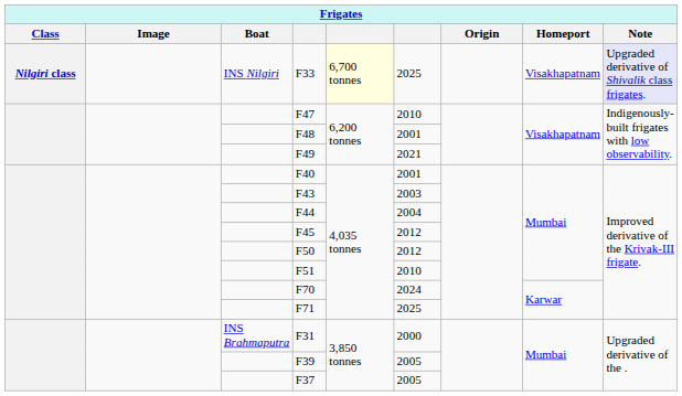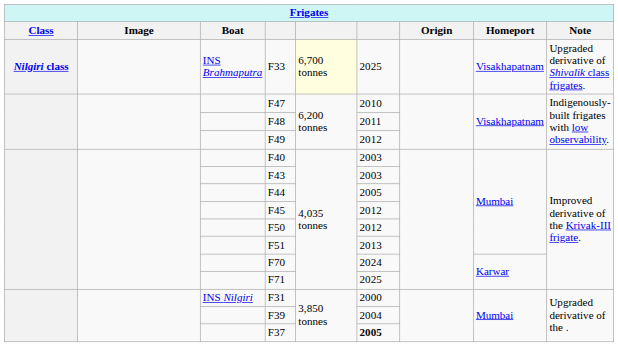 <table class="wikitable" style="margin:auto; width:100%;">
 <tr>
 <th colspan="9" style="align: center; background: #CEF6F5;"><a href='#'>Frigates</a></th>
 </tr>
 <tr>
 <th style="text-align:center; width:12%;"><a href='#'>Class</a></th>
 <th style="text-align:center; width:20%;">Image</th>
 <th style="text-align:center; width:10%;">Boat</th>
 <th style="text-align:center; width:5%;"></th>
 <th style="text-align:center; width:10%;"></th>
 <th style="text-align:center; width:7%;"></th>
 <th style="text-align:center; width:12%;">Origin</th>
 <th style="text-align:center; width:12%;">Homeport</th>
 <th style="text-align:center; width:10%;">Note</th>
 </tr>
 <tr>
 <th><a href='#'><em>Nilgiri</em> class</a></th>
 <td></td>
-<td><a href='#'>INS <em>Nilgiri</em></a></td>
+<td><a href='#'>INS <em>Brahmaputra</em></a></td>
 <td>F33</td>
 <td style="background: lightyellow;">6,700 tonnes</td>
 <td>2025</td>
 <td></td>
 <td><a href='#'>Visakhapatnam</a></td>
-<td style="background: lavender;">Upgraded derivative of <a href='#'><em>Shivalik</em> class frigates</a>.</td>
+<td>Upgraded derivative of <a href='#'><em>Shivalik</em> class frigates</a>.</td>
 </tr>
 <tr>
 <th rowspan="3"></th>
 <td rowspan="3"></td>
 <td></td>
 <td>F47</td>
 <td rowspan="3">6,200 tonnes</td>
 <td>2010</td>
 <td rowspan="3"></td>
 <td rowspan="3"><a href='#'>Visakhapatnam</a></td>
 <td rowspan="3">Indigenously-built frigates with <a href='#'>low observability</a>.</td>
 </tr>
 <tr>
 <td></td>
 <td>F48</td>
-<td>2001</td>
+<td>2011</td>
 </tr>
 <tr>
 <td></td>
 <td>F49</td>
-<td>2021</td>
+<td>2012</td>
 </tr>
 <tr>
 <th rowspan="8"></th>
 <td rowspan="8"></td>
 <td></td>
 <td>F40</td>
 <td rowspan="8">4,035 tonnes</td>
-<td>2001</td>
+<td>2003</td>
 <td rowspan="8"><br></td>
 <td rowspan="6"><a href='#'>Mumbai</a></td>
 <td rowspan="8">Improved derivative of the <a href='#'>Krivak-III frigate</a>.</td>
 </tr>
 <tr>
 <td></td>
 <td>F43</td>
 <td>2003</td>
 </tr>
 <tr>
 <td></td>
 <td>F44</td>
-<td>2004</td>
+<td>2005</td>
 </tr>
 <tr>
 <td></td>
 <td>F45</td>
 <td>2012</td>
 </tr>
 <tr>
 <td></td>
 <td>F50</td>
 <td>2012</td>
 </tr>
 <tr>
 <td></td>
 <td>F51</td>
-<td>2010</td>
+<td>2013</td>
 </tr>
 <tr>
 <td></td>
 <td>F70</td>
 <td>2024</td>
 <td rowspan="2"><a href='#'>Karwar</a></td>
 </tr>
 <tr>
 <td></td>
 <td>F71</td>
 <td>2025</td>
 </tr>
 <tr>
 <th rowspan="3"></th>
 <td rowspan="3"></td>
-<td><a href='#'>INS <em>Brahmaputra</em></a></td>
+<td><a href='#'>INS <em>Nilgiri</em></a></td>
 <td>F31</td>
 <td rowspan="3">3,850 tonnes</td>
 <td>2000</td>
 <td rowspan="3"></td>
 <td rowspan="3"><a href='#'>Mumbai</a></td>
 <td rowspan="3">Upgraded derivative of the .</td>
 </tr>
 <tr>
 <td></td>
 <td>F39</td>
-<td>2005</td>
+<td>2004</td>
 </tr>
 <tr>
 <td></td>
 <td>F37</td>
-<td>2005</td>
+<td><strong>2005</strong></td>
 </tr>
 </table>
